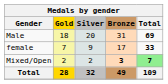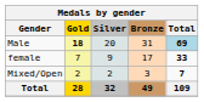 <table class="wikitable sortable collapsible" style="font-size:85%; text-align:center;">
 <tr style="background:#efefef;">
 <th colspan=5>Medals by gender</th>
 </tr>
 <tr>
 <th><strong>Gender</strong></th>
 <th style="background-color:gold;"><strong>Gold </strong></th>
 <th style="background-color:silver;"><strong>Silver </strong></th>
 <th style="background-color:#c96;"><strong>Bronze </strong></th>
 <th><strong>Total</strong></th>
 </tr>
 <tr>
 <td style="text-align:left;">Male</td>
-<td style="background:#F7F6A8">18</td>
+<td style="background:#F7F6A8"><strong>18</strong></td>
 <td style="background:#DCE5E5">20</td>
 <td style="background:#FFDAB9">31</td>
-<td><strong>69</strong></td>
+<td style="background: lightblue;"><strong>69</strong></td>
 </tr>
 <tr>
 <td style="text-align:left;">female</td>
 <td style="background:#F7F6A8">7</td>
 <td style="background:#DCE5E5">9</td>
 <td style="background:#FFDAB9">17</td>
 <td><strong>33</strong></td>
 </tr>
 <tr>
 <td style="text-align:left;">Mixed/Open</td>
 <td style="background:#F7F6A8">2</td>
 <td style="background:#DCE5E5">2</td>
-<td style="background:#FFDAB9"><strong>3</strong></td>
-<td style="background: lightgreen;"><strong>7</strong></td>
+<td style="background:#FFDAB9">3</td>
+<td><strong>7</strong></td>
 </tr>
 <tr>
 <th>Total</th>
 <th style="background:gold;">28</th>
 <th style="background:silver;">32</th>
 <th style="background:#c96;">49</th>
 <th>109</th>
 </tr>
 <tr>
 </tr>
 </table>
